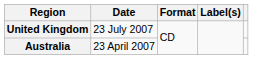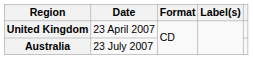 <table class="wikitable plainrowheaders">
 <tr>
 <th scope="col">Region</th>
 <th scope="col">Date</th>
 <th scope="col">Format</th>
 <th scope="col">Label(s)</th>
 <th scope="col"></th>
 </tr>
 <tr>
 <th scope="row">United Kingdom</th>
-<td>23 July 2007</td>
+<td>23 April 2007</td>
 <td rowspan="2">CD</td>
 <td rowspan="2"></td>
 <td></td>
 </tr>
 <tr>
 <th scope="row">Australia</th>
-<td>23 April 2007</td>
+<td>23 July 2007</td>
 <td></td>
 </tr>
 </table>
